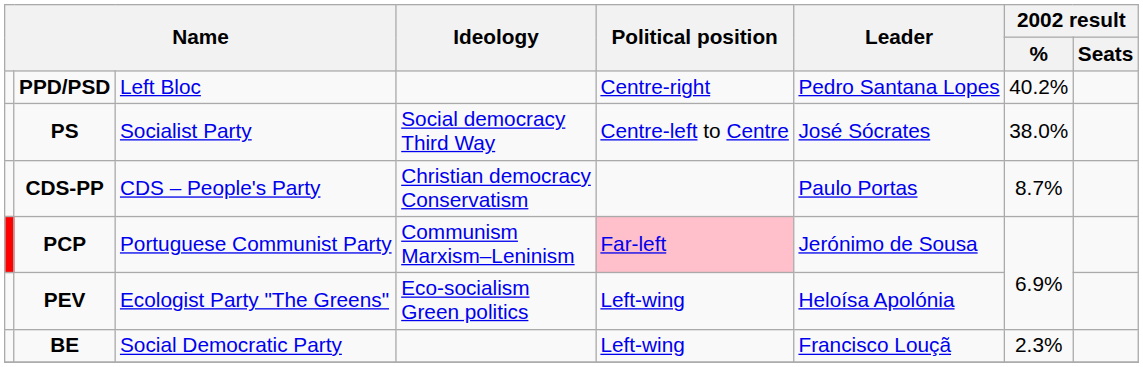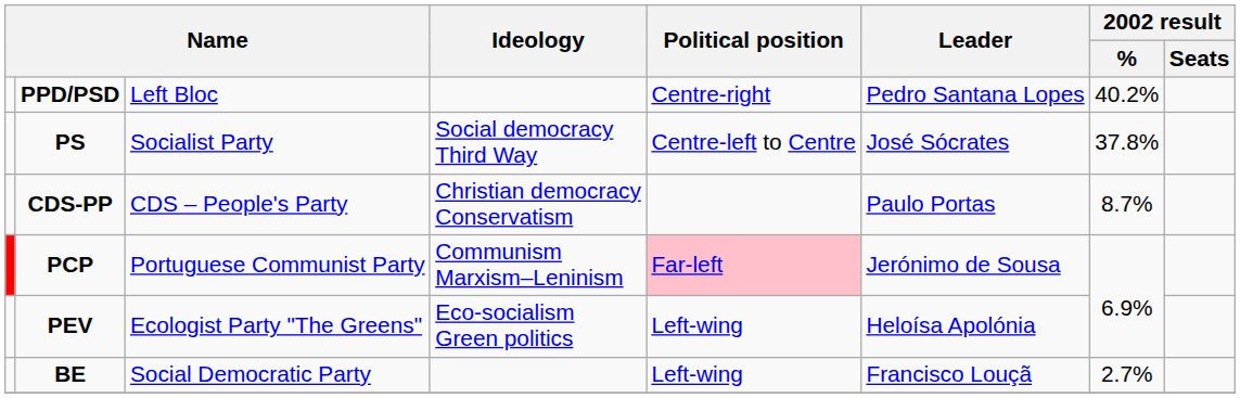 <table class="wikitable">
 <tr>
 <th rowspan="2" colspan="3">Name</th>
 <th rowspan="2">Ideology</th>
 <th rowspan="2">Political position</th>
 <th rowspan="2">Leader</th>
 <th colspan="2">2002 result</th>
 </tr>
 <tr>
 <th>%</th>
 <th>Seats</th>
 </tr>
 <tr>
 <td style="background:"></td>
 <td style="text-align:center;"><strong>PPD/PSD</strong></td>
 <td><a href='#'>Left Bloc</a><br></td>
 <td></td>
 <td><a href='#'>Centre-right</a></td>
 <td><a href='#'>Pedro Santana Lopes</a></td>
 <td style="text-align:center;">40.2%</td>
 <td></td>
 </tr>
 <tr>
 <td style="background:"></td>
 <td style="text-align:center;"><strong>PS</strong></td>
 <td><a href='#'>Socialist Party</a><br></td>
 <td><a href='#'>Social democracy</a><br><a href='#'>Third Way</a></td>
 <td><a href='#'>Centre-left</a> to <a href='#'>Centre</a></td>
 <td><a href='#'>José Sócrates</a></td>
-<td style="text-align:center;">38.0%</td>
+<td style="text-align:center;">37.8%</td>
 <td></td>
 </tr>
 <tr>
 <td style="background:"></td>
 <td style="text-align:center;"><strong>CDS-PP</strong></td>
 <td><a href='#'>CDS – People's Party</a><br></td>
 <td><a href='#'>Christian democracy</a><br><a href='#'>Conservatism</a></td>
 <td></td>
 <td><a href='#'>Paulo Portas</a></td>
 <td style="text-align:center;">8.7%</td>
 <td></td>
 </tr>
 <tr>
 <td style="background:#f00;"></td>
 <td style="text-align:center;"><strong>PCP</strong></td>
 <td><a href='#'>Portuguese Communist Party</a><br></td>
 <td><a href='#'>Communism</a><br><a href='#'>Marxism–Leninism</a></td>
 <td style="background: pink;"><a href='#'>Far-left</a></td>
 <td><a href='#'>Jerónimo de Sousa</a></td>
 <td rowspan="2" style="text-align:center;"><br>6.9%<br></td>
 <td></td>
 </tr>
 <tr>
 <td style="background:"></td>
 <td style="text-align:center;"><strong>PEV</strong></td>
 <td><a href='#'>Ecologist Party "The Greens"</a><br></td>
 <td><a href='#'>Eco-socialism</a><br><a href='#'>Green politics</a></td>
 <td><a href='#'>Left-wing</a></td>
 <td><a href='#'>Heloísa Apolónia</a></td>
 <td></td>
 </tr>
 <tr>
 <td style="background:"></td>
 <td style="text-align:center;"><strong>BE</strong></td>
 <td><a href='#'>Social Democratic Party</a><br></td>
 <td></td>
 <td><a href='#'>Left-wing</a></td>
 <td><a href='#'>Francisco Louçã</a></td>
-<td style="text-align:center;">2.3%</td>
+<td style="text-align:center;">2.7%</td>
 <td></td>
 </tr>
 <tr>
 </tr>
 </table>
